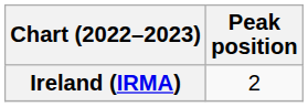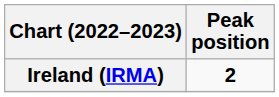 <table class="wikitable sortable plainrowheaders" style="text-align:center">
 <tr>
 <th>Chart (2022–2023)</th>
 <th>Peak<br>position</th>
 </tr>
 <tr>
 <th scope="row">Ireland (<a href='#'>IRMA</a>)</th>
-<td>2</td>
+<td><strong>2</strong></td>
 </tr>
 <tr>
 </tr>
 </table>
